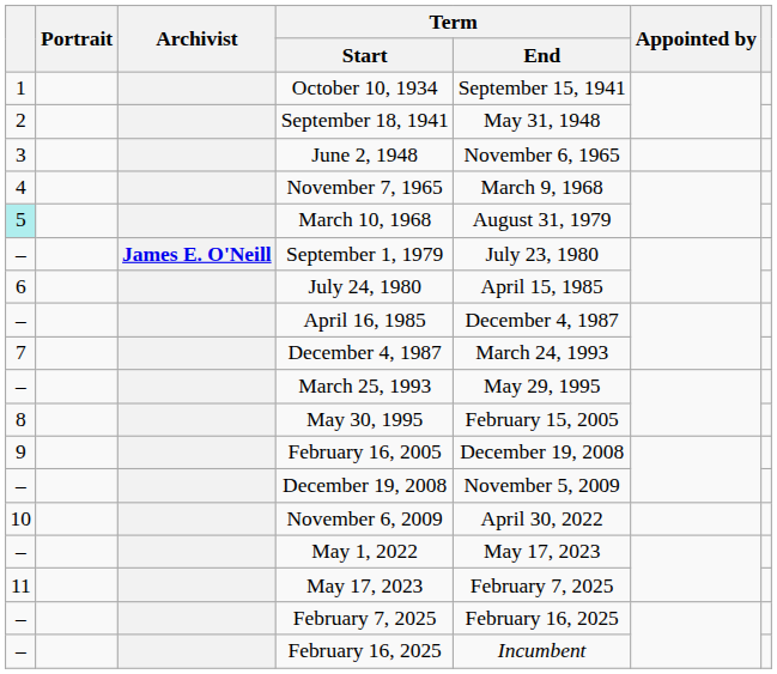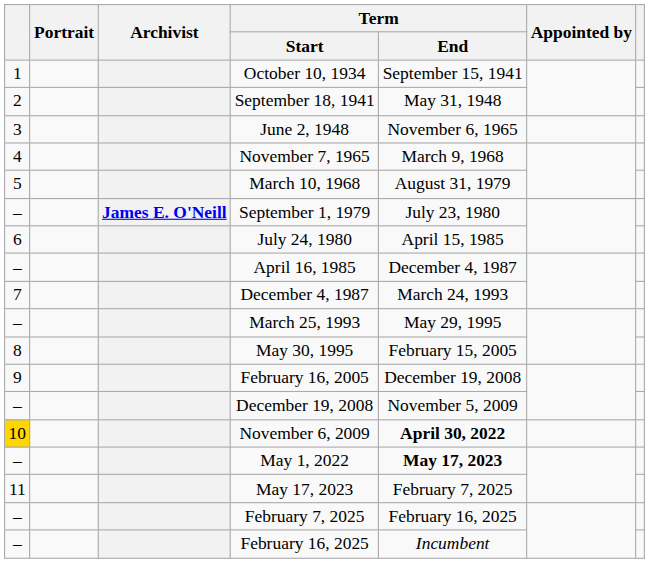 <table class="wikitable sortable plainrowheaders" style="clear:right; text-align:center">
 <tr>
 <th scope="col" rowspan="2"></th>
 <th scope="col" rowspan="2" class="unsortable">Portrait</th>
 <th scope="col" rowspan="2">Archivist</th>
 <th scope="col" colspan="2">Term</th>
 <th scope="col" rowspan="2">Appointed by</th>
 <th scope="col" rowspan="2" class="unsortable"></th>
 </tr>
 <tr>
 <th scope="col" data-sort-type="date">Start</th>
 <th scope="col" data-sort-type="date">End</th>
 </tr>
 <tr>
 <td>1</td>
 <td></td>
 <th scope="row"></th>
 <td>October 10, 1934</td>
 <td>September 15, 1941</td>
 <td rowspan="2"></td>
 <td></td>
 </tr>
 <tr>
 <td>2</td>
 <td></td>
 <th scope="row"></th>
 <td>September 18, 1941</td>
 <td>May 31, 1948</td>
 <td></td>
 </tr>
 <tr>
 <td>3</td>
 <td></td>
 <th scope="row"></th>
 <td>June 2, 1948</td>
 <td>November 6, 1965</td>
 <td></td>
 <td></td>
 </tr>
 <tr>
 <td>4</td>
 <td></td>
 <th scope="row"></th>
 <td>November 7, 1965</td>
 <td>March 9, 1968</td>
 <td rowspan="2"></td>
 <td></td>
 </tr>
 <tr>
-<td style="background: paleturquoise;">5</td>
+<td>5</td>
 <td></td>
 <th scope="row"></th>
 <td>March 10, 1968</td>
 <td>August 31, 1979</td>
 <td></td>
 </tr>
 <tr>
 <td>–</td>
 <td></td>
 <th scope="row"><a href='#'>James E. O'Neill</a></th>
 <td>September 1, 1979</td>
 <td>July 23, 1980</td>
 <td rowspan="2"></td>
 <td></td>
 </tr>
 <tr>
 <td>6</td>
 <td></td>
 <th scope="row"></th>
 <td>July 24, 1980</td>
 <td>April 15, 1985</td>
 <td></td>
 </tr>
 <tr>
 <td>–</td>
 <td></td>
 <th scope="row"></th>
 <td>April 16, 1985</td>
 <td>December 4, 1987</td>
 <td rowspan="2"></td>
 <td></td>
 </tr>
 <tr>
 <td>7</td>
 <td></td>
 <th scope="row"></th>
 <td>December 4, 1987</td>
 <td>March 24, 1993</td>
 <td></td>
 </tr>
 <tr>
 <td>–</td>
 <td></td>
 <th scope="row"></th>
 <td>March 25, 1993</td>
 <td>May 29, 1995</td>
 <td rowspan="2"></td>
 <td></td>
 </tr>
 <tr>
 <td>8</td>
 <td></td>
 <th scope="row"></th>
 <td>May 30, 1995</td>
 <td>February 15, 2005</td>
 <td></td>
 </tr>
 <tr>
 <td>9</td>
 <td></td>
 <th scope="row"></th>
 <td>February 16, 2005</td>
 <td>December 19, 2008</td>
 <td rowspan="2"></td>
 <td></td>
 </tr>
 <tr>
 <td>–</td>
 <td></td>
 <th scope="row"></th>
 <td>December 19, 2008</td>
 <td>November 5, 2009</td>
 <td></td>
 </tr>
 <tr>
-<td>10</td>
+<td style="background: gold;">10</td>
 <td></td>
 <th scope="row"></th>
 <td>November 6, 2009</td>
-<td>April 30, 2022</td>
+<td><strong>April 30, 2022</strong></td>
 <td></td>
 <td></td>
 </tr>
 <tr>
 <td>–</td>
 <td></td>
 <th scope="row"></th>
 <td>May 1, 2022</td>
-<td>May 17, 2023</td>
+<td><strong>May 17, 2023</strong></td>
 <td rowspan="2"></td>
 <td></td>
 </tr>
 <tr>
 <td>11</td>
 <td></td>
 <th scope="row"></th>
 <td>May 17, 2023</td>
 <td>February 7, 2025</td>
 <td></td>
 </tr>
 <tr>
 <td>–</td>
 <td></td>
 <th scope="row"></th>
 <td>February 7, 2025</td>
 <td>February 16, 2025</td>
 <td rowspan="2"></td>
 <td></td>
 </tr>
 <tr>
 <td>–</td>
 <td></td>
 <th scope="row"></th>
 <td>February 16, 2025</td>
 <td><em>Incumbent</em></td>
 <td></td>
 </tr>
 </table>
